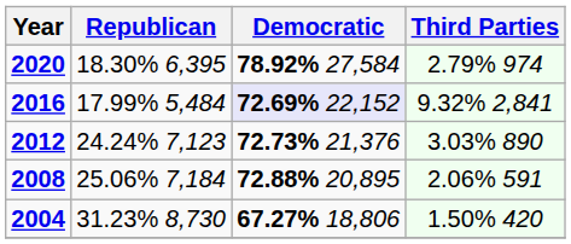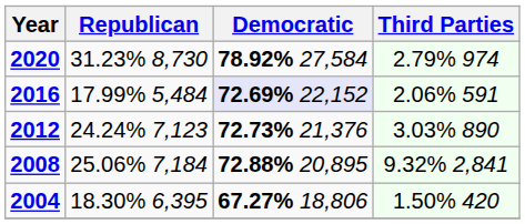 <table class="wikitable" style="float:right; font-size:95%;">
 <tr bgcolor=lightgrey>
 <th>Year</th>
 <th><a href='#'>Republican</a></th>
 <th><a href='#'>Democratic</a></th>
 <th><a href='#'>Third Parties</a></th>
 </tr>
 <tr>
 <td style="text-align:center; "><strong><a href='#'>2020</a></strong></td>
-<td style="text-align:center; ">18.30% <em>6,395</em></td>
+<td style="text-align:center; ">31.23% <em>8,730</em></td>
 <td style="text-align:center; "><strong>78.92%</strong> <em>27,584</em></td>
 <td style="text-align:center; background:honeyDew;">2.79% <em>974</em></td>
 </tr>
 <tr>
 <td style="text-align:center; "><strong><a href='#'>2016</a></strong></td>
 <td style="text-align:center; ">17.99% <em>5,484</em></td>
 <td style="background: lavender; text-align:center; "><strong>72.69%</strong> <em>22,152</em></td>
-<td style="text-align:center; background:honeyDew;">9.32% <em>2,841</em></td>
+<td style="text-align:center; background:honeyDew;">2.06% <em>591</em></td>
 </tr>
 <tr>
 <td style="text-align:center; "><strong><a href='#'>2012</a></strong></td>
 <td style="text-align:center; ">24.24% <em>7,123</em></td>
 <td style="text-align:center; "><strong>72.73%</strong> <em>21,376</em></td>
 <td style="text-align:center; background:honeyDew;">3.03% <em>890</em></td>
 </tr>
 <tr>
 <td style="text-align:center; "><strong><a href='#'>2008</a></strong></td>
 <td style="text-align:center; ">25.06% <em>7,184</em></td>
 <td style="text-align:center; "><strong>72.88%</strong> <em>20,895</em></td>
-<td style="text-align:center; background:honeyDew;">2.06% <em>591</em></td>
+<td style="text-align:center; background:honeyDew;">9.32% <em>2,841</em></td>
 </tr>
 <tr>
 <td style="text-align:center; "><strong><a href='#'>2004</a></strong></td>
-<td style="text-align:center; ">31.23% <em>8,730</em></td>
+<td style="text-align:center; ">18.30% <em>6,395</em></td>
 <td style="text-align:center; "><strong>67.27%</strong> <em>18,806</em></td>
 <td style="text-align:center; background:honeyDew;">1.50% <em>420</em></td>
 </tr>
 <tr>
 </tr>
 </table>
